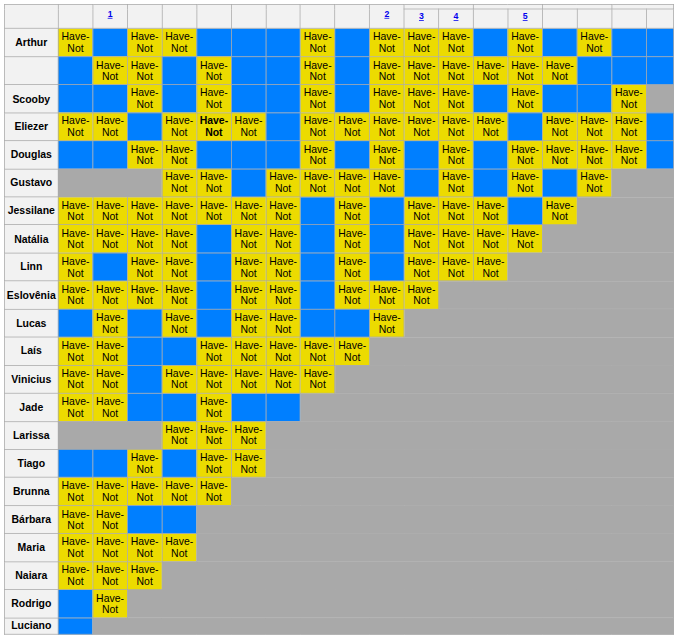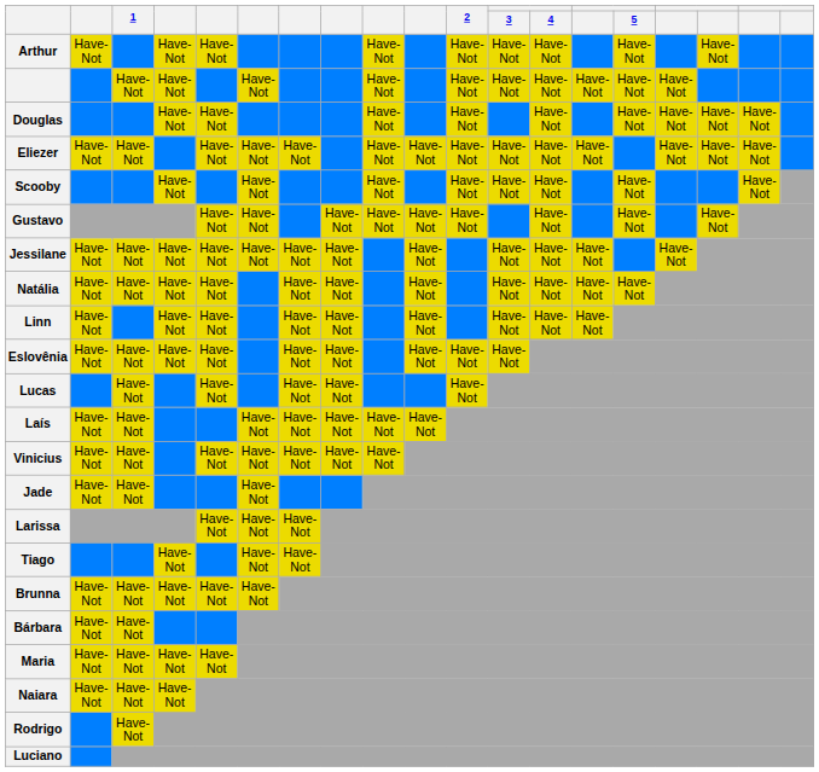 <table class="wikitable" style="text-align:center; font-size:85%; ">
 <tr>
 <th rowspan=2 width=05.25%></th>
 <th rowspan=2 width=05.25%></th>
 <th rowspan=2 width=05.25%><sup><a href='#'>1</a></sup></th>
 <th rowspan=2 width=05.25%></th>
 <th rowspan=2 width=05.25%></th>
 <th rowspan=2 width=05.25%></th>
 <th rowspan=2 width=05.25%></th>
 <th rowspan=2 width=05.25%></th>
 <th rowspan=2 width=05.25%></th>
 <th rowspan=2 width=05.25%></th>
 <th rowspan=2 width=05.25%><sup><a href='#'>2</a></sup></th>
 <th colspan=2 width=10.50%></th>
 <th colspan=2 width=10.50%></th>
 <th colspan=2 width=10.50%></th>
 <th colspan=2 width=10.50%></th>
 </tr>
 <tr>
 <th width=5.25%><sup><a href='#'>3</a></sup></th>
 <th width=5.25%><sup><a href='#'>4</a></sup></th>
 <th width=5.25%></th>
 <th width=5.25%><sup><a href='#'>5</a></sup></th>
 <th width=5.25%></th>
 <th width=5.25%></th>
 <th width=5.25%></th>
 <th width=5.25%></th>
 </tr>
 <tr>
 <th>Arthur</th>
 <td bgcolor=ECDB00>Have-Not</td>
 <td bgcolor=007FFF></td>
 <td bgcolor=ECDB00>Have-Not</td>
 <td bgcolor=ECDB00>Have-Not</td>
 <td bgcolor=007FFF></td>
 <td bgcolor=007FFF></td>
 <td bgcolor=007FFF></td>
 <td bgcolor=ECDB00>Have-Not</td>
 <td bgcolor=007FFF></td>
 <td bgcolor=ECDB00>Have-Not</td>
 <td bgcolor=ECDB00>Have-Not</td>
 <td bgcolor=ECDB00>Have-Not</td>
 <td bgcolor=007FFF></td>
 <td bgcolor=ECDB00>Have-Not</td>
 <td bgcolor=007FFF></td>
 <td bgcolor=ECDB00>Have-Not</td>
 <td bgcolor=007FFF></td>
 <td bgcolor=007FFF></td>
 </tr>
 <tr>
 <th></th>
 <td bgcolor=007FFF></td>
 <td bgcolor=ECDB00>Have-Not</td>
 <td bgcolor=ECDB00>Have-Not</td>
 <td bgcolor=007FFF></td>
 <td bgcolor=ECDB00>Have-Not</td>
 <td bgcolor=007FFF></td>
 <td bgcolor=007FFF></td>
 <td bgcolor=ECDB00>Have-Not</td>
 <td bgcolor=007FFF></td>
 <td bgcolor=ECDB00>Have-Not</td>
 <td bgcolor=ECDB00>Have-Not</td>
 <td bgcolor=ECDB00>Have-Not</td>
 <td bgcolor=ECDB00>Have-Not</td>
 <td bgcolor=ECDB00>Have-Not</td>
 <td bgcolor=ECDB00>Have-Not</td>
 <td bgcolor=007FFF></td>
 <td bgcolor=007FFF></td>
 <td bgcolor=007FFF></td>
 </tr>
 <tr>
+<th>Douglas</th>
+<td bgcolor=007FFF></td>
+<td bgcolor=007FFF></td>
+<td bgcolor=ECDB00>Have-Not</td>
+<td bgcolor=ECDB00>Have-Not</td>
+<td bgcolor=007FFF></td>
+<td bgcolor=007FFF></td>
+<td bgcolor=007FFF></td>
+<td bgcolor=ECDB00>Have-Not</td>
+<td bgcolor=007FFF></td>
+<td bgcolor=ECDB00>Have-Not</td>
+<td bgcolor=007FFF></td>
+<td bgcolor=ECDB00>Have-Not</td>
+<td bgcolor=007FFF></td>
+<td bgcolor=ECDB00>Have-Not</td>
+<td bgcolor=ECDB00>Have-Not</td>
+<td bgcolor=ECDB00>Have-Not</td>
+<td bgcolor=ECDB00>Have-Not</td>
+<td bgcolor=007FFF></td>
+</tr>
+<tr>
+<th>Eliezer</th>
+<td bgcolor=ECDB00>Have-Not</td>
+<td bgcolor=ECDB00>Have-Not</td>
+<td bgcolor=007FFF></td>
+<td bgcolor=ECDB00>Have-Not</td>
+<td bgcolor=ECDB00>Have-Not</td>
+<td bgcolor=ECDB00>Have-Not</td>
+<td bgcolor=007FFF></td>
+<td bgcolor=ECDB00>Have-Not</td>
+<td bgcolor=ECDB00>Have-Not</td>
+<td bgcolor=ECDB00>Have-Not</td>
+<td bgcolor=ECDB00>Have-Not</td>
+<td bgcolor=ECDB00>Have-Not</td>
+<td bgcolor=ECDB00>Have-Not</td>
+<td bgcolor=007FFF></td>
+<td bgcolor=ECDB00>Have-Not</td>
+<td bgcolor=ECDB00>Have-Not</td>
+<td bgcolor=ECDB00>Have-Not</td>
+<td bgcolor=007FFF></td>
+</tr>
+<tr>
 <th>Scooby</th>
 <td bgcolor=007FFF></td>
 <td bgcolor=007FFF></td>
 <td bgcolor=ECDB00>Have-Not</td>
 <td bgcolor=007FFF></td>
 <td bgcolor=ECDB00>Have-Not</td>
 <td bgcolor=007FFF></td>
 <td bgcolor=007FFF></td>
 <td bgcolor=ECDB00>Have-Not</td>
 <td bgcolor=007FFF></td>
 <td bgcolor=ECDB00>Have-Not</td>
 <td bgcolor=ECDB00>Have-Not</td>
 <td bgcolor=ECDB00>Have-Not</td>
 <td bgcolor=007FFF></td>
 <td bgcolor=ECDB00>Have-Not</td>
 <td bgcolor=007FFF></td>
 <td bgcolor=007FFF></td>
 <td bgcolor=ECDB00>Have-Not</td>
 <td colspan="1" bgcolor="A9A9A9"></td>
-</tr>
-<tr>
-<th>Eliezer</th>
-<td bgcolor=ECDB00>Have-Not</td>
-<td bgcolor=ECDB00>Have-Not</td>
-<td bgcolor=007FFF></td>
-<td bgcolor=ECDB00>Have-Not</td>
-<td bgcolor=ECDB00><strong>Have-Not</strong></td>
-<td bgcolor=ECDB00>Have-Not</td>
-<td bgcolor=007FFF></td>
-<td bgcolor=ECDB00>Have-Not</td>
-<td bgcolor=ECDB00>Have-Not</td>
-<td bgcolor=ECDB00>Have-Not</td>
-<td bgcolor=ECDB00>Have-Not</td>
-<td bgcolor=ECDB00>Have-Not</td>
-<td bgcolor=ECDB00>Have-Not</td>
-<td bgcolor=007FFF></td>
-<td bgcolor=ECDB00>Have-Not</td>
-<td bgcolor=ECDB00>Have-Not</td>
-<td bgcolor=ECDB00>Have-Not</td>
-<td bgcolor=007FFF></td>
-</tr>
-<tr>
-<th>Douglas</th>
-<td bgcolor=007FFF></td>
-<td bgcolor=007FFF></td>
-<td bgcolor=ECDB00>Have-Not</td>
-<td bgcolor=ECDB00>Have-Not</td>
-<td bgcolor=007FFF></td>
-<td bgcolor=007FFF></td>
-<td bgcolor=007FFF></td>
-<td bgcolor=ECDB00>Have-Not</td>
-<td bgcolor=007FFF></td>
-<td bgcolor=ECDB00>Have-Not</td>
-<td bgcolor=007FFF></td>
-<td bgcolor=ECDB00>Have-Not</td>
-<td bgcolor=007FFF></td>
-<td bgcolor=ECDB00>Have-Not</td>
-<td bgcolor=ECDB00>Have-Not</td>
-<td bgcolor=ECDB00>Have-Not</td>
-<td bgcolor=ECDB00>Have-Not</td>
-<td bgcolor=007FFF></td>
 </tr>
 <tr>
 <th>Gustavo</th>
 <td bgcolor=A9A9A9 colspan=3></td>
 <td bgcolor=ECDB00>Have-Not</td>
 <td bgcolor=ECDB00>Have-Not</td>
 <td bgcolor=007FFF></td>
 <td bgcolor=ECDB00>Have-Not</td>
 <td bgcolor=ECDB00>Have-Not</td>
 <td bgcolor=ECDB00>Have-Not</td>
 <td bgcolor=ECDB00>Have-Not</td>
 <td bgcolor=007FFF></td>
 <td bgcolor=ECDB00>Have-Not</td>
 <td bgcolor=007FFF></td>
 <td bgcolor=ECDB00>Have-Not</td>
 <td bgcolor=007FFF></td>
 <td bgcolor=ECDB00>Have-Not</td>
 <td colspan="2" bgcolor="A9A9A9"></td>
 </tr>
 <tr>
 <th>Jessilane</th>
 <td bgcolor=ECDB00>Have-Not</td>
 <td bgcolor=ECDB00>Have-Not</td>
 <td bgcolor=ECDB00>Have-Not</td>
 <td bgcolor=ECDB00>Have-Not</td>
 <td bgcolor=ECDB00>Have-Not</td>
 <td bgcolor=ECDB00>Have-Not</td>
 <td bgcolor=ECDB00>Have-Not</td>
 <td bgcolor=007FFF></td>
 <td bgcolor=ECDB00>Have-Not</td>
 <td bgcolor=007FFF></td>
 <td bgcolor=ECDB00>Have-Not</td>
 <td bgcolor=ECDB00>Have-Not</td>
 <td bgcolor=ECDB00>Have-Not</td>
 <td bgcolor=007FFF></td>
 <td bgcolor=ECDB00>Have-Not</td>
 <td colspan="3" bgcolor="A9A9A9"></td>
 </tr>
 <tr>
 <th>Natália</th>
 <td bgcolor=ECDB00>Have-Not</td>
 <td bgcolor=ECDB00>Have-Not</td>
 <td bgcolor=ECDB00>Have-Not</td>
 <td bgcolor=ECDB00>Have-Not</td>
 <td bgcolor=007FFF></td>
 <td bgcolor=ECDB00>Have-Not</td>
 <td bgcolor=ECDB00>Have-Not</td>
 <td bgcolor=007FFF></td>
 <td bgcolor=ECDB00>Have-Not</td>
 <td bgcolor=007FFF></td>
 <td bgcolor=ECDB00>Have-Not</td>
 <td bgcolor=ECDB00>Have-Not</td>
 <td bgcolor=ECDB00>Have-Not</td>
 <td bgcolor=ECDB00>Have-Not</td>
 <td colspan="4" bgcolor="A9A9A9"></td>
 </tr>
 <tr>
 <th>Linn</th>
 <td bgcolor=ECDB00>Have-Not</td>
 <td bgcolor=007FFF></td>
 <td bgcolor=ECDB00>Have-Not</td>
 <td bgcolor=ECDB00>Have-Not</td>
 <td bgcolor=007FFF></td>
 <td bgcolor=ECDB00>Have-Not</td>
 <td bgcolor=ECDB00>Have-Not</td>
 <td bgcolor=007FFF></td>
 <td bgcolor=ECDB00>Have-Not</td>
 <td bgcolor=007FFF></td>
 <td bgcolor=ECDB00>Have-Not</td>
 <td bgcolor=ECDB00>Have-Not</td>
 <td bgcolor=ECDB00>Have-Not</td>
 <td colspan="5" bgcolor="A9A9A9"></td>
 </tr>
 <tr>
 <th>Eslovênia</th>
 <td bgcolor=ECDB00>Have-Not</td>
 <td bgcolor=ECDB00>Have-Not</td>
 <td bgcolor=ECDB00>Have-Not</td>
 <td bgcolor=ECDB00>Have-Not</td>
 <td bgcolor=007FFF></td>
 <td bgcolor=ECDB00>Have-Not</td>
 <td bgcolor=ECDB00>Have-Not</td>
 <td bgcolor=007FFF></td>
 <td bgcolor=ECDB00>Have-Not</td>
 <td bgcolor=ECDB00>Have-Not</td>
 <td bgcolor=ECDB00>Have-Not</td>
 <td colspan="7" bgcolor="A9A9A9"></td>
 </tr>
 <tr>
 <th>Lucas</th>
 <td bgcolor=007FFF></td>
 <td bgcolor=ECDB00>Have-Not</td>
 <td bgcolor=007FFF></td>
 <td bgcolor=ECDB00>Have-Not</td>
 <td bgcolor=007FFF></td>
 <td bgcolor=ECDB00>Have-Not</td>
 <td bgcolor=ECDB00>Have-Not</td>
 <td bgcolor=007FFF></td>
 <td bgcolor=007FFF></td>
 <td bgcolor=ECDB00>Have-Not</td>
 <td colspan="8" bgcolor="A9A9A9"></td>
 </tr>
 <tr>
 <th>Laís</th>
 <td bgcolor=ECDB00>Have-Not</td>
 <td bgcolor=ECDB00>Have-Not</td>
 <td bgcolor=007FFF></td>
 <td bgcolor=007FFF></td>
 <td bgcolor=ECDB00>Have-Not</td>
 <td bgcolor=ECDB00>Have-Not</td>
 <td bgcolor=ECDB00>Have-Not</td>
 <td bgcolor=ECDB00>Have-Not</td>
 <td bgcolor=ECDB00>Have-Not</td>
 <td colspan="9" bgcolor="A9A9A9"></td>
 </tr>
 <tr>
 <th>Vinicius</th>
 <td bgcolor=ECDB00>Have-Not</td>
 <td bgcolor=ECDB00>Have-Not</td>
 <td bgcolor=007FFF></td>
 <td bgcolor=ECDB00>Have-Not</td>
 <td bgcolor=ECDB00>Have-Not</td>
 <td bgcolor=ECDB00>Have-Not</td>
 <td bgcolor=ECDB00>Have-Not</td>
 <td bgcolor=ECDB00>Have-Not</td>
 <td colspan="10" bgcolor="A9A9A9"></td>
 </tr>
 <tr>
 <th>Jade</th>
 <td bgcolor=ECDB00>Have-Not</td>
 <td bgcolor=ECDB00>Have-Not</td>
 <td bgcolor=007FFF></td>
 <td bgcolor=007FFF></td>
 <td bgcolor=ECDB00>Have-Not</td>
 <td bgcolor=007FFF></td>
 <td bgcolor=007FFF></td>
 <td colspan="11" bgcolor="A9A9A9"></td>
 </tr>
 <tr>
 <th>Larissa</th>
 <td bgcolor=A9A9A9 colspan=3></td>
 <td bgcolor=ECDB00>Have-Not</td>
 <td bgcolor=ECDB00>Have-Not</td>
 <td bgcolor=ECDB00>Have-Not</td>
 <td colspan="12" bgcolor="A9A9A9"></td>
 </tr>
 <tr>
 <th>Tiago</th>
 <td bgcolor=007FFF></td>
 <td bgcolor=007FFF></td>
 <td bgcolor=ECDB00>Have-Not</td>
 <td bgcolor=007FFF></td>
 <td bgcolor=ECDB00>Have-Not</td>
 <td bgcolor=ECDB00>Have-Not</td>
 <td colspan="12" bgcolor="A9A9A9"></td>
 </tr>
 <tr>
 <th>Brunna</th>
 <td bgcolor=ECDB00>Have-Not</td>
 <td bgcolor=ECDB00>Have-Not</td>
 <td bgcolor=ECDB00>Have-Not</td>
 <td bgcolor=ECDB00>Have-Not</td>
 <td bgcolor=ECDB00>Have-Not</td>
 <td colspan="13" bgcolor="A9A9A9"></td>
 </tr>
 <tr>
 <th>Bárbara</th>
 <td bgcolor=ECDB00>Have-Not</td>
 <td bgcolor=ECDB00>Have-Not</td>
 <td bgcolor=007FFF></td>
 <td bgcolor=007FFF></td>
 <td colspan="14" bgcolor="A9A9A9"></td>
 </tr>
 <tr>
 <th>Maria</th>
 <td bgcolor=ECDB00>Have-Not</td>
 <td bgcolor=ECDB00>Have-Not</td>
 <td bgcolor=ECDB00>Have-Not</td>
 <td bgcolor=ECDB00>Have-Not</td>
 <td colspan="14" bgcolor="A9A9A9"></td>
 </tr>
 <tr>
 <th>Naiara</th>
 <td bgcolor=ECDB00>Have-Not</td>
 <td bgcolor=ECDB00>Have-Not</td>
 <td bgcolor=ECDB00>Have-Not</td>
 <td colspan="15" bgcolor="A9A9A9"></td>
 </tr>
 <tr>
 <th>Rodrigo</th>
 <td bgcolor=007FFF></td>
 <td bgcolor=ECDB00>Have-Not</td>
 <td colspan="16" bgcolor="A9A9A9"></td>
 </tr>
 <tr>
 <th>Luciano</th>
 <td bgcolor=007FFF></td>
 <td colspan="17" bgcolor="A9A9A9"></td>
 </tr>
 </table>
